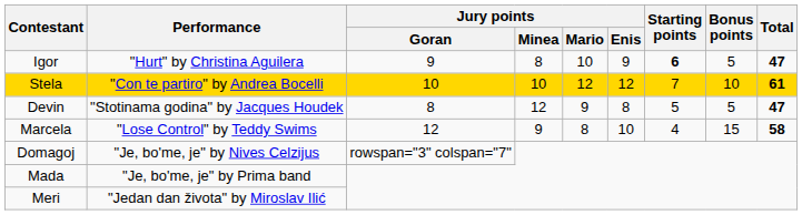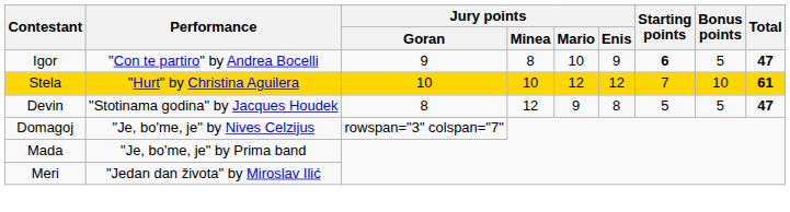 <table class="wikitable sortable" style="text-align: center;">
 <tr>
 <th rowspan="2">Contestant</th>
 <th rowspan="2">Performance</th>
 <th colspan="4">Jury points</th>
 <th rowspan="2">Starting<br>points</th>
 <th rowspan="2">Bonus<br>points</th>
 <th rowspan="2">Total</th>
 </tr>
 <tr>
 <th>Goran</th>
 <th>Minea</th>
 <th>Mario</th>
 <th>Enis</th>
 </tr>
 <tr>
 <td>Igor</td>
-<td>"<a href='#'>Hurt</a>" by <a href='#'>Christina Aguilera</a></td>
+<td>"<a href='#'>Con te partiro</a>" by <a href='#'>Andrea Bocelli</a></td>
 <td>9</td>
 <td>8</td>
 <td>10</td>
 <td>9</td>
 <td><strong>6</strong></td>
 <td>5</td>
 <td><strong>47</strong></td>
 </tr>
 <tr style="background-color:gold;">
 <td>Stela</td>
-<td>"<a href='#'>Con te partiro</a>" by <a href='#'>Andrea Bocelli</a></td>
+<td>"<a href='#'>Hurt</a>" by <a href='#'>Christina Aguilera</a></td>
 <td>10</td>
 <td>10</td>
 <td>12</td>
 <td>12</td>
 <td>7</td>
 <td>10</td>
 <td><strong>61</strong></td>
 </tr>
 <tr>
 <td>Devin</td>
 <td>"Stotinama godina" by <a href='#'>Jacques Houdek</a></td>
 <td>8</td>
 <td>12</td>
 <td>9</td>
 <td>8</td>
 <td>5</td>
 <td>5</td>
 <td><strong>47</strong></td>
 </tr>
 <tr>
-<td>Marcela</td>
-<td>"<a href='#'>Lose Control</a>" by <a href='#'>Teddy Swims</a></td>
-<td>12</td>
-<td>9</td>
-<td>8</td>
-<td>10</td>
-<td>4</td>
-<td>15</td>
-<td><strong>58</strong></td>
-</tr>
-<tr>
 <td>Domagoj</td>
 <td>"Je, bo'me, je" by <a href='#'>Nives Celzijus</a></td>
 <td>rowspan="3" colspan="7"</td>
 </tr>
 <tr>
 <td>Mada</td>
 <td>"Je, bo'me, je" by Prima band</td>
 </tr>
 <tr>
 <td>Meri</td>
 <td>"Jedan dan života" by <a href='#'>Miroslav Ilić</a></td>
 </tr>
 </table>
